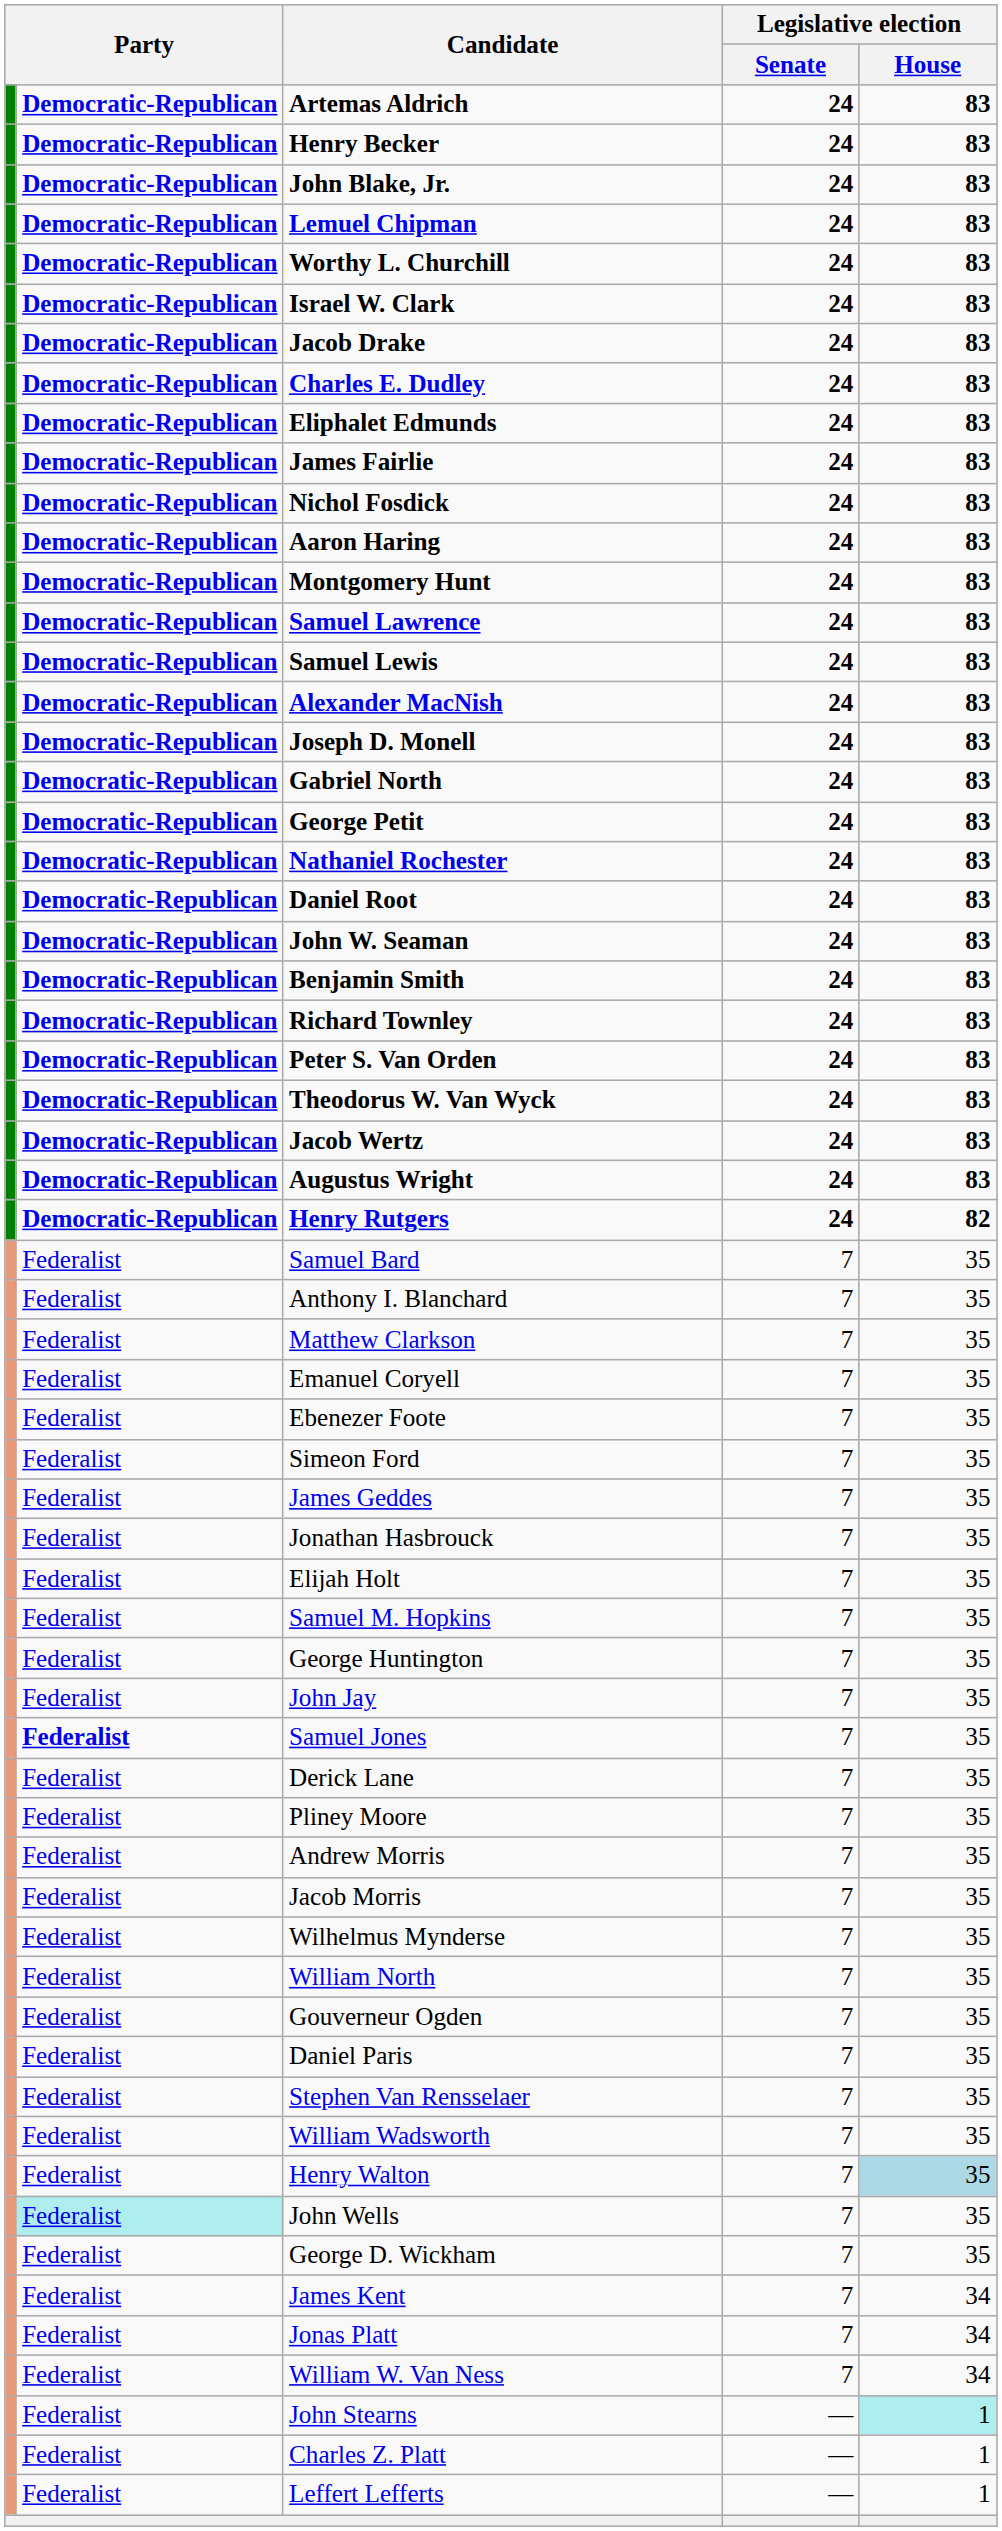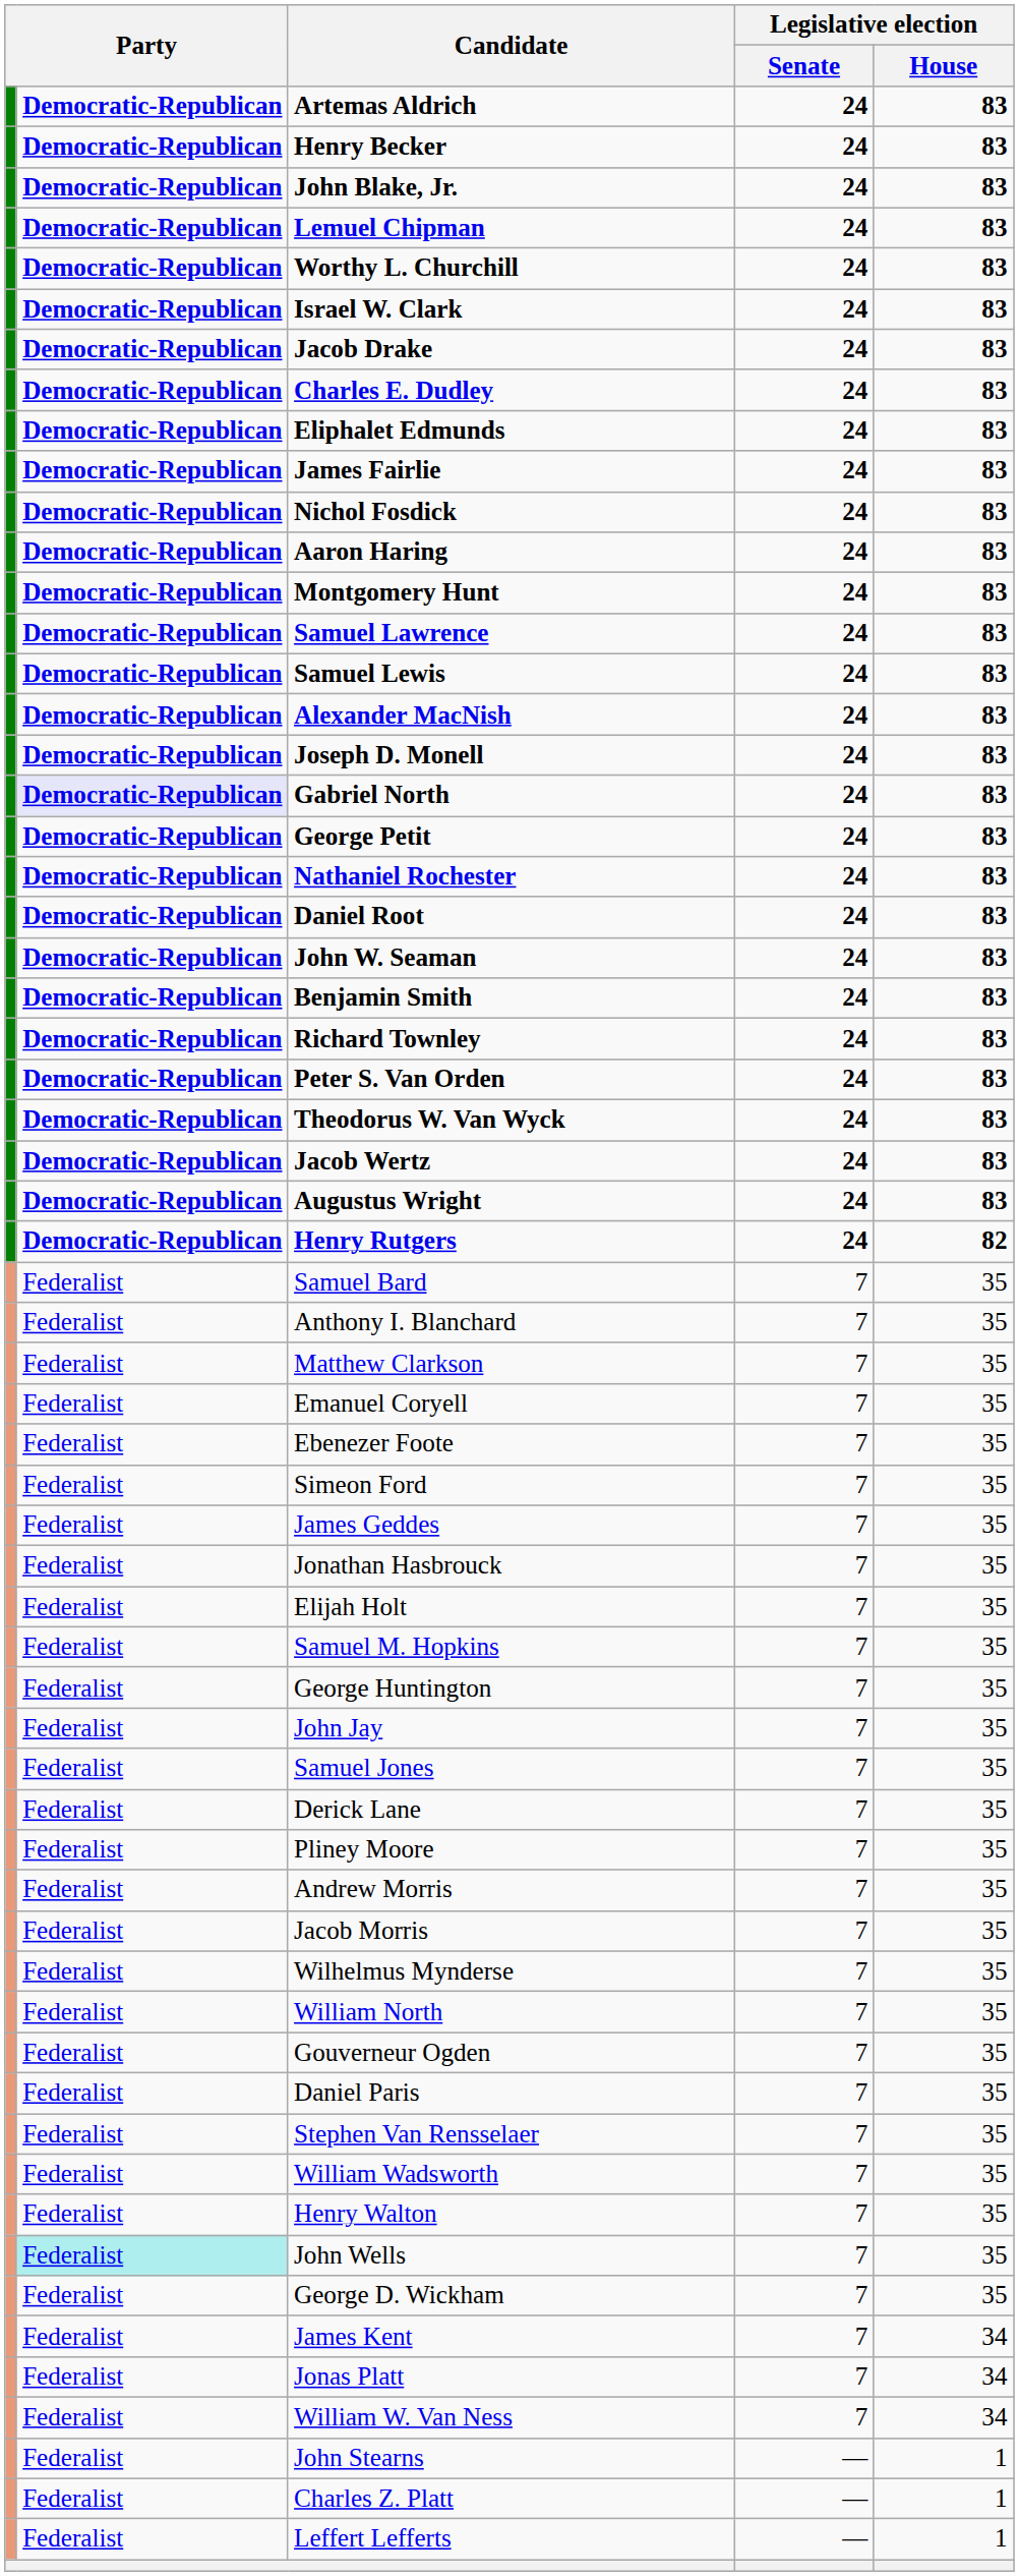 <table class=wikitable>
 <tr>
 <th colspan=2 rowspan=2 style="width: 130px">Party</th>
 <th rowspan=2 style="width: 17em">Candidate</th>
 <th colspan=4>Legislative election</th>
 </tr>
 <tr>
 <th style="width: 5em"><a href='#'>Senate</a></th>
 <th style="width: 5em"><a href='#'>House</a></th>
 </tr>
 <tr>
 <td style="background-color:#008000"></td>
 <td><strong><a href='#'>Democratic-Republican</a></strong></td>
 <td><strong>Artemas Aldrich</strong></td>
 <td align=right><strong>24</strong></td>
 <td align=right><strong>83</strong></td>
 </tr>
 <tr>
 <td style="background-color:#008000"></td>
 <td><strong><a href='#'>Democratic-Republican</a></strong></td>
 <td><strong>Henry Becker</strong></td>
 <td align=right><strong>24</strong></td>
 <td align=right><strong>83</strong></td>
 </tr>
 <tr>
 <td style="background-color:#008000"></td>
 <td><strong><a href='#'>Democratic-Republican</a></strong></td>
 <td><strong>John Blake, Jr.</strong></td>
 <td align=right><strong>24</strong></td>
 <td align=right><strong>83</strong></td>
 </tr>
 <tr>
 <td style="background-color:#008000"></td>
 <td><strong><a href='#'>Democratic-Republican</a></strong></td>
 <td><strong><a href='#'>Lemuel Chipman</a></strong></td>
 <td align=right><strong>24</strong></td>
 <td align=right><strong>83</strong></td>
 </tr>
 <tr>
 <td style="background-color:#008000"></td>
 <td><strong><a href='#'>Democratic-Republican</a></strong></td>
 <td><strong>Worthy L. Churchill</strong></td>
 <td align=right><strong>24</strong></td>
 <td align=right><strong>83</strong></td>
 </tr>
 <tr>
 <td style="background-color:#008000"></td>
 <td><strong><a href='#'>Democratic-Republican</a></strong></td>
 <td><strong>Israel W. Clark</strong></td>
 <td align=right><strong>24</strong></td>
 <td align=right><strong>83</strong></td>
 </tr>
 <tr>
 <td style="background-color:#008000"></td>
 <td><strong><a href='#'>Democratic-Republican</a></strong></td>
 <td><strong>Jacob Drake</strong></td>
 <td align=right><strong>24</strong></td>
 <td align=right><strong>83</strong></td>
 </tr>
 <tr>
 <td style="background-color:#008000"></td>
 <td><strong><a href='#'>Democratic-Republican</a></strong></td>
 <td><strong><a href='#'>Charles E. Dudley</a></strong></td>
 <td align=right><strong>24</strong></td>
 <td align=right><strong>83</strong></td>
 </tr>
 <tr>
 <td style="background-color:#008000"></td>
 <td><strong><a href='#'>Democratic-Republican</a></strong></td>
 <td><strong>Eliphalet Edmunds</strong></td>
 <td align=right><strong>24</strong></td>
 <td align=right><strong>83</strong></td>
 </tr>
 <tr>
 <td style="background-color:#008000"></td>
 <td><strong><a href='#'>Democratic-Republican</a></strong></td>
 <td><strong>James Fairlie</strong></td>
 <td align=right><strong>24</strong></td>
 <td align=right><strong>83</strong></td>
 </tr>
 <tr>
 <td style="background-color:#008000"></td>
 <td><strong><a href='#'>Democratic-Republican</a></strong></td>
 <td><strong>Nichol Fosdick</strong></td>
 <td align=right><strong>24</strong></td>
 <td align=right><strong>83</strong></td>
 </tr>
 <tr>
 <td style="background-color:#008000"></td>
 <td><strong><a href='#'>Democratic-Republican</a></strong></td>
 <td><strong>Aaron Haring</strong></td>
 <td align=right><strong>24</strong></td>
 <td align=right><strong>83</strong></td>
 </tr>
 <tr>
 <td style="background-color:#008000"></td>
 <td><strong><a href='#'>Democratic-Republican</a></strong></td>
 <td><strong>Montgomery Hunt</strong></td>
 <td align=right><strong>24</strong></td>
 <td align=right><strong>83</strong></td>
 </tr>
 <tr>
 <td style="background-color:#008000"></td>
 <td><strong><a href='#'>Democratic-Republican</a></strong></td>
 <td><strong><a href='#'>Samuel Lawrence</a></strong></td>
 <td align=right><strong>24</strong></td>
 <td align=right><strong>83</strong></td>
 </tr>
 <tr>
 <td style="background-color:#008000"></td>
 <td><strong><a href='#'>Democratic-Republican</a></strong></td>
 <td><strong>Samuel Lewis</strong></td>
 <td align=right><strong>24</strong></td>
 <td align=right><strong>83</strong></td>
 </tr>
 <tr>
 <td style="background-color:#008000"></td>
 <td><strong><a href='#'>Democratic-Republican</a></strong></td>
 <td><strong><a href='#'>Alexander MacNish</a></strong></td>
 <td align=right><strong>24</strong></td>
 <td align=right><strong>83</strong></td>
 </tr>
 <tr>
 <td style="background-color:#008000"></td>
 <td><strong><a href='#'>Democratic-Republican</a></strong></td>
 <td><strong>Joseph D. Monell</strong></td>
 <td align=right><strong>24</strong></td>
 <td align=right><strong>83</strong></td>
 </tr>
 <tr>
 <td style="background-color:#008000"></td>
-<td><strong><a href='#'>Democratic-Republican</a></strong></td>
+<td style="background: lavender;"><strong><a href='#'>Democratic-Republican</a></strong></td>
 <td><strong>Gabriel North</strong></td>
 <td align=right><strong>24</strong></td>
 <td align=right><strong>83</strong></td>
 </tr>
 <tr>
 <td style="background-color:#008000"></td>
 <td><strong><a href='#'>Democratic-Republican</a></strong></td>
 <td><strong>George Petit</strong></td>
 <td align=right><strong>24</strong></td>
 <td align=right><strong>83</strong></td>
 </tr>
 <tr>
 <td style="background-color:#008000"></td>
 <td><strong><a href='#'>Democratic-Republican</a></strong></td>
 <td><strong><a href='#'>Nathaniel Rochester</a></strong></td>
 <td align=right><strong>24</strong></td>
 <td align=right><strong>83</strong></td>
 </tr>
 <tr>
 <td style="background-color:#008000"></td>
 <td><strong><a href='#'>Democratic-Republican</a></strong></td>
 <td><strong>Daniel Root</strong></td>
 <td align=right><strong>24</strong></td>
 <td align=right><strong>83</strong></td>
 </tr>
 <tr>
 <td style="background-color:#008000"></td>
 <td><strong><a href='#'>Democratic-Republican</a></strong></td>
 <td><strong>John W. Seaman</strong></td>
 <td align=right><strong>24</strong></td>
 <td align=right><strong>83</strong></td>
 </tr>
 <tr>
 <td style="background-color:#008000"></td>
 <td><strong><a href='#'>Democratic-Republican</a></strong></td>
 <td><strong>Benjamin Smith</strong></td>
 <td align=right><strong>24</strong></td>
 <td align=right><strong>83</strong></td>
 </tr>
 <tr>
 <td style="background-color:#008000"></td>
 <td><strong><a href='#'>Democratic-Republican</a></strong></td>
 <td><strong>Richard Townley</strong></td>
 <td align=right><strong>24</strong></td>
 <td align=right><strong>83</strong></td>
 </tr>
 <tr>
 <td style="background-color:#008000"></td>
 <td><strong><a href='#'>Democratic-Republican</a></strong></td>
 <td><strong>Peter S. Van Orden</strong></td>
 <td align=right><strong>24</strong></td>
 <td align=right><strong>83</strong></td>
 </tr>
 <tr>
 <td style="background-color:#008000"></td>
 <td><strong><a href='#'>Democratic-Republican</a></strong></td>
 <td><strong>Theodorus W. Van Wyck</strong></td>
 <td align=right><strong>24</strong></td>
 <td align=right><strong>83</strong></td>
 </tr>
 <tr>
 <td style="background-color:#008000"></td>
 <td><strong><a href='#'>Democratic-Republican</a></strong></td>
 <td><strong>Jacob Wertz</strong></td>
 <td align=right><strong>24</strong></td>
 <td align=right><strong>83</strong></td>
 </tr>
 <tr>
 <td style="background-color:#008000"></td>
 <td><strong><a href='#'>Democratic-Republican</a></strong></td>
 <td><strong>Augustus Wright</strong></td>
 <td align=right><strong>24</strong></td>
 <td align=right><strong>83</strong></td>
 </tr>
 <tr>
 <td style="background-color:#008000"></td>
 <td><strong><a href='#'>Democratic-Republican</a></strong></td>
 <td><strong><a href='#'>Henry Rutgers</a></strong></td>
 <td align=right><strong>24</strong></td>
 <td align=right><strong>82</strong></td>
 </tr>
 <tr>
 <td style="background-color:#EA9978"></td>
 <td><a href='#'>Federalist</a></td>
 <td><a href='#'>Samuel Bard</a></td>
 <td align=right>7</td>
 <td align=right>35</td>
 </tr>
 <tr>
 <td style="background-color:#EA9978"></td>
 <td><a href='#'>Federalist</a></td>
 <td>Anthony I. Blanchard</td>
 <td align=right>7</td>
 <td align=right>35</td>
 </tr>
 <tr>
 <td style="background-color:#EA9978"></td>
 <td><a href='#'>Federalist</a></td>
 <td><a href='#'>Matthew Clarkson</a></td>
 <td align=right>7</td>
 <td align=right>35</td>
 </tr>
 <tr>
 <td style="background-color:#EA9978"></td>
 <td><a href='#'>Federalist</a></td>
 <td>Emanuel Coryell</td>
 <td align=right>7</td>
 <td align=right>35</td>
 </tr>
 <tr>
 <td style="background-color:#EA9978"></td>
 <td><a href='#'>Federalist</a></td>
 <td>Ebenezer Foote</td>
 <td align=right>7</td>
 <td align=right>35</td>
 </tr>
 <tr>
 <td style="background-color:#EA9978"></td>
 <td><a href='#'>Federalist</a></td>
 <td>Simeon Ford</td>
 <td align=right>7</td>
 <td align=right>35</td>
 </tr>
 <tr>
 <td style="background-color:#EA9978"></td>
 <td><a href='#'>Federalist</a></td>
 <td><a href='#'>James Geddes</a></td>
 <td align=right>7</td>
 <td align=right>35</td>
 </tr>
 <tr>
 <td style="background-color:#EA9978"></td>
 <td><a href='#'>Federalist</a></td>
 <td>Jonathan Hasbrouck</td>
 <td align=right>7</td>
 <td align=right>35</td>
 </tr>
 <tr>
 <td style="background-color:#EA9978"></td>
 <td><a href='#'>Federalist</a></td>
 <td>Elijah Holt</td>
 <td align=right>7</td>
 <td align=right>35</td>
 </tr>
 <tr>
 <td style="background-color:#EA9978"></td>
 <td><a href='#'>Federalist</a></td>
 <td><a href='#'>Samuel M. Hopkins</a></td>
 <td align=right>7</td>
 <td align=right>35</td>
 </tr>
 <tr>
 <td style="background-color:#EA9978"></td>
 <td><a href='#'>Federalist</a></td>
 <td>George Huntington</td>
 <td align=right>7</td>
 <td align=right>35</td>
 </tr>
 <tr>
 <td style="background-color:#EA9978"></td>
 <td><a href='#'>Federalist</a></td>
 <td><a href='#'>John Jay</a></td>
 <td align=right>7</td>
 <td align=right>35</td>
 </tr>
 <tr>
 <td style="background-color:#EA9978"></td>
-<td><strong><a href='#'>Federalist</a></strong></td>
+<td><a href='#'>Federalist</a></td>
 <td><a href='#'>Samuel Jones</a></td>
 <td align=right>7</td>
 <td align=right>35</td>
 </tr>
 <tr>
 <td style="background-color:#EA9978"></td>
 <td><a href='#'>Federalist</a></td>
 <td>Derick Lane</td>
 <td align=right>7</td>
 <td align=right>35</td>
 </tr>
 <tr>
 <td style="background-color:#EA9978"></td>
 <td><a href='#'>Federalist</a></td>
 <td>Pliney Moore</td>
 <td align=right>7</td>
 <td align=right>35</td>
 </tr>
 <tr>
 <td style="background-color:#EA9978"></td>
 <td><a href='#'>Federalist</a></td>
 <td>Andrew Morris</td>
 <td align=right>7</td>
 <td align=right>35</td>
 </tr>
 <tr>
 <td style="background-color:#EA9978"></td>
 <td><a href='#'>Federalist</a></td>
 <td>Jacob Morris</td>
 <td align=right>7</td>
 <td align=right>35</td>
 </tr>
 <tr>
 <td style="background-color:#EA9978"></td>
 <td><a href='#'>Federalist</a></td>
 <td>Wilhelmus Mynderse</td>
 <td align=right>7</td>
 <td align=right>35</td>
 </tr>
 <tr>
 <td style="background-color:#EA9978"></td>
 <td><a href='#'>Federalist</a></td>
 <td><a href='#'>William North</a></td>
 <td align=right>7</td>
 <td align=right>35</td>
 </tr>
 <tr>
 <td style="background-color:#EA9978"></td>
 <td><a href='#'>Federalist</a></td>
 <td>Gouverneur Ogden</td>
 <td align=right>7</td>
 <td align=right>35</td>
 </tr>
 <tr>
 <td style="background-color:#EA9978"></td>
 <td><a href='#'>Federalist</a></td>
 <td>Daniel Paris</td>
 <td align=right>7</td>
 <td align=right>35</td>
 </tr>
 <tr>
 <td style="background-color:#EA9978"></td>
 <td><a href='#'>Federalist</a></td>
 <td><a href='#'>Stephen Van Rensselaer</a></td>
 <td align=right>7</td>
 <td align=right>35</td>
 </tr>
 <tr>
 <td style="background-color:#EA9978"></td>
 <td><a href='#'>Federalist</a></td>
 <td><a href='#'>William Wadsworth</a></td>
 <td align=right>7</td>
 <td align=right>35</td>
 </tr>
 <tr>
 <td style="background-color:#EA9978"></td>
 <td><a href='#'>Federalist</a></td>
 <td><a href='#'>Henry Walton</a></td>
 <td align=right>7</td>
-<td align=right style="background: lightblue;">35</td>
+<td align=right>35</td>
 </tr>
 <tr>
 <td style="background-color:#EA9978"></td>
 <td style="background: paleturquoise;"><a href='#'>Federalist</a></td>
 <td>John Wells</td>
 <td align=right>7</td>
 <td align=right>35</td>
 </tr>
 <tr>
 <td style="background-color:#EA9978"></td>
 <td><a href='#'>Federalist</a></td>
 <td>George D. Wickham</td>
 <td align=right>7</td>
 <td align=right>35</td>
 </tr>
 <tr>
 <td style="background-color:#EA9978"></td>
 <td><a href='#'>Federalist</a></td>
 <td><a href='#'>James Kent</a></td>
 <td align=right>7</td>
 <td align=right>34</td>
 </tr>
 <tr>
 <td style="background-color:#EA9978"></td>
 <td><a href='#'>Federalist</a></td>
 <td><a href='#'>Jonas Platt</a></td>
 <td align=right>7</td>
 <td align=right>34</td>
 </tr>
 <tr>
 <td style="background-color:#EA9978"></td>
 <td><a href='#'>Federalist</a></td>
 <td><a href='#'>William W. Van Ness</a></td>
 <td align=right>7</td>
 <td align=right>34</td>
 </tr>
 <tr>
 <td style="background-color:#EA9978"></td>
 <td><a href='#'>Federalist</a></td>
 <td><a href='#'>John Stearns</a></td>
 <td align=right>—</td>
-<td align=right style="background: paleturquoise;">1</td>
+<td align=right>1</td>
 </tr>
 <tr>
 <td style="background-color:#EA9978"></td>
 <td><a href='#'>Federalist</a></td>
 <td><a href='#'>Charles Z. Platt</a></td>
 <td align=right>—</td>
 <td align=right>1</td>
 </tr>
 <tr>
 <td style="background-color:#EA9978"></td>
 <td><a href='#'>Federalist</a></td>
 <td><a href='#'>Leffert Lefferts</a></td>
 <td align=right>—</td>
 <td align=right>1</td>
 </tr>
 <tr>
 <th colspan=3></th>
 <th></th>
 <th></th>
 </tr>
 </table>
